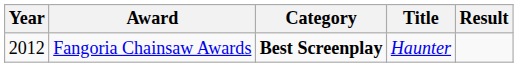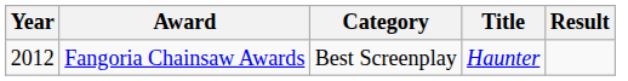 <table class="wikitable sortable">
 <tr>
 <th>Year</th>
 <th>Award</th>
 <th>Category</th>
 <th>Title</th>
 <th>Result</th>
 </tr>
 <tr>
 <td rowspan="2">2012</td>
 <td><a href='#'>Fangoria Chainsaw Awards</a></td>
-<td><strong>Best Screenplay</strong></td>
+<td>Best Screenplay</td>
 <td rowspan=2><em><a href='#'>Haunter</a></em></td>
 <td></td>
 </tr>
 </table>
